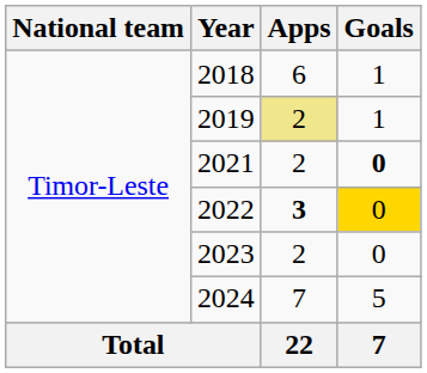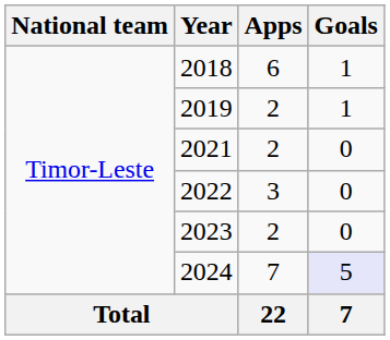 <table class="wikitable" style="text-align:center">
 <tr>
 <th>National team</th>
 <th>Year</th>
 <th>Apps</th>
 <th>Goals</th>
 </tr>
 <tr>
 <td rowspan="6"><a href='#'>Timor-Leste</a></td>
 <td>2018</td>
 <td>6</td>
 <td>1</td>
 </tr>
 <tr>
 <td>2019</td>
-<td style="background: khaki;">2</td>
+<td>2</td>
 <td>1</td>
 </tr>
 <tr>
 <td>2021</td>
 <td>2</td>
-<td><strong>0</strong></td>
+<td>0</td>
 </tr>
 <tr>
 <td>2022</td>
-<td><strong>3</strong></td>
-<td style="background: gold;">0</td>
+<td>3</td>
+<td>0</td>
 </tr>
 <tr>
 <td>2023</td>
 <td>2</td>
 <td>0</td>
 </tr>
 <tr>
 <td>2024</td>
 <td>7</td>
-<td>5</td>
+<td style="background: lavender;">5</td>
 </tr>
 <tr>
 <th colspan="2">Total</th>
 <th>22</th>
 <th>7</th>
 </tr>
 </table>
